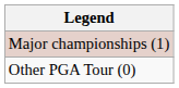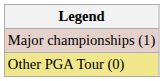 <table class="wikitable" style="font-size:95%;">
 <tr>
 <th>Legend</th>
 </tr>
 <tr style="background:#e5d1cb;">
 <td>Major championships  (1)</td>
 </tr>
 <tr>
-<td>Other PGA Tour (0)</td>
+<td style="background: khaki;">Other PGA Tour (0)</td>
 </tr>
 </table>
